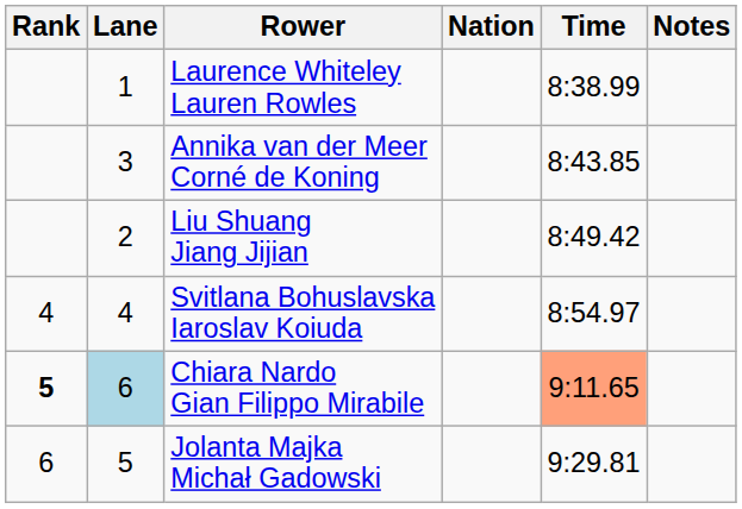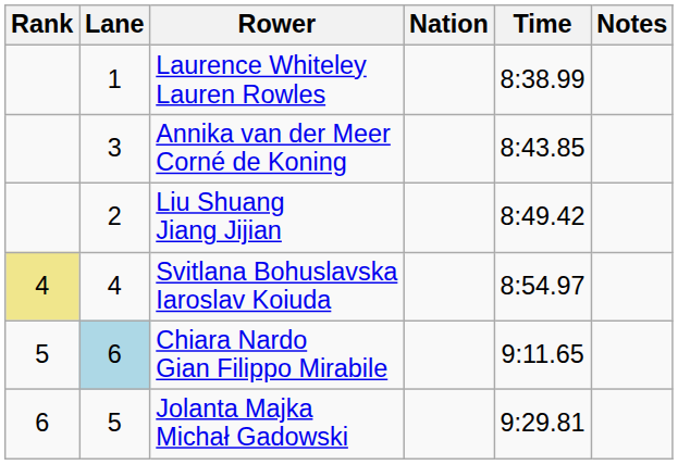 <table class="wikitable sortable" style="text-align:center">
 <tr>
 <th>Rank</th>
 <th>Lane</th>
 <th>Rower</th>
 <th>Nation</th>
 <th>Time</th>
 <th>Notes</th>
 </tr>
 <tr>
 <td></td>
 <td>1</td>
 <td align="left"><a href='#'>Laurence Whiteley</a><br><a href='#'>Lauren Rowles</a></td>
 <td align="left"></td>
 <td>8:38.99</td>
 <td></td>
 </tr>
 <tr>
 <td></td>
 <td>3</td>
 <td align="left"><a href='#'>Annika van der Meer</a><br><a href='#'>Corné de Koning</a></td>
 <td align="left"></td>
 <td>8:43.85</td>
 <td></td>
 </tr>
 <tr>
 <td></td>
 <td>2</td>
 <td align="left"><a href='#'>Liu Shuang</a><br><a href='#'>Jiang Jijian</a></td>
 <td align="left"></td>
 <td>8:49.42</td>
 <td></td>
 </tr>
 <tr>
-<td>4</td>
+<td style="background: khaki;">4</td>
 <td>4</td>
 <td align="left"><a href='#'>Svitlana Bohuslavska</a><br><a href='#'>Iaroslav Koiuda</a></td>
 <td align="left"></td>
 <td>8:54.97</td>
 </tr>
 <tr>
-<td><strong>5</strong></td>
+<td>5</td>
 <td style="background: lightblue;">6</td>
 <td align="left"><a href='#'>Chiara Nardo</a><br><a href='#'>Gian Filippo Mirabile</a></td>
 <td align="left"></td>
-<td style="background: lightsalmon;">9:11.65</td>
+<td>9:11.65</td>
 <td></td>
 </tr>
 <tr>
 <td>6</td>
 <td>5</td>
 <td align="left"><a href='#'>Jolanta Majka</a><br><a href='#'>Michał Gadowski</a></td>
 <td align="left"></td>
 <td>9:29.81</td>
 </tr>
 </table>
